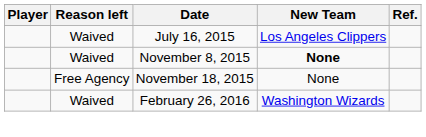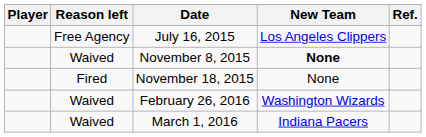 <table class="wikitable sortable sortable" style="text-align: center;">
 <tr>
 <th>Player</th>
 <th>Reason left</th>
 <th>Date</th>
 <th>New Team</th>
 <th>Ref.</th>
 </tr>
 <tr>
 <td></td>
-<td>Waived</td>
+<td>Free Agency</td>
 <td>July 16, 2015</td>
 <td><a href='#'>Los Angeles Clippers</a></td>
 <td></td>
 </tr>
 <tr>
 <td></td>
 <td>Waived</td>
 <td>November 8, 2015</td>
 <td><strong>None</strong></td>
 <td></td>
 </tr>
 <tr>
 <td></td>
-<td>Free Agency</td>
+<td>Fired</td>
 <td>November 18, 2015</td>
 <td>None</td>
 <td></td>
 </tr>
 <tr>
 <td></td>
 <td>Waived</td>
 <td>February 26, 2016</td>
 <td><a href='#'>Washington Wizards</a></td>
 <td></td>
 </tr>
+<tr>
+<td></td>
+<td>Waived</td>
+<td>March 1, 2016</td>
+<td><a href='#'>Indiana Pacers</a></td>
+<td></td>
+</tr>
 </table>
